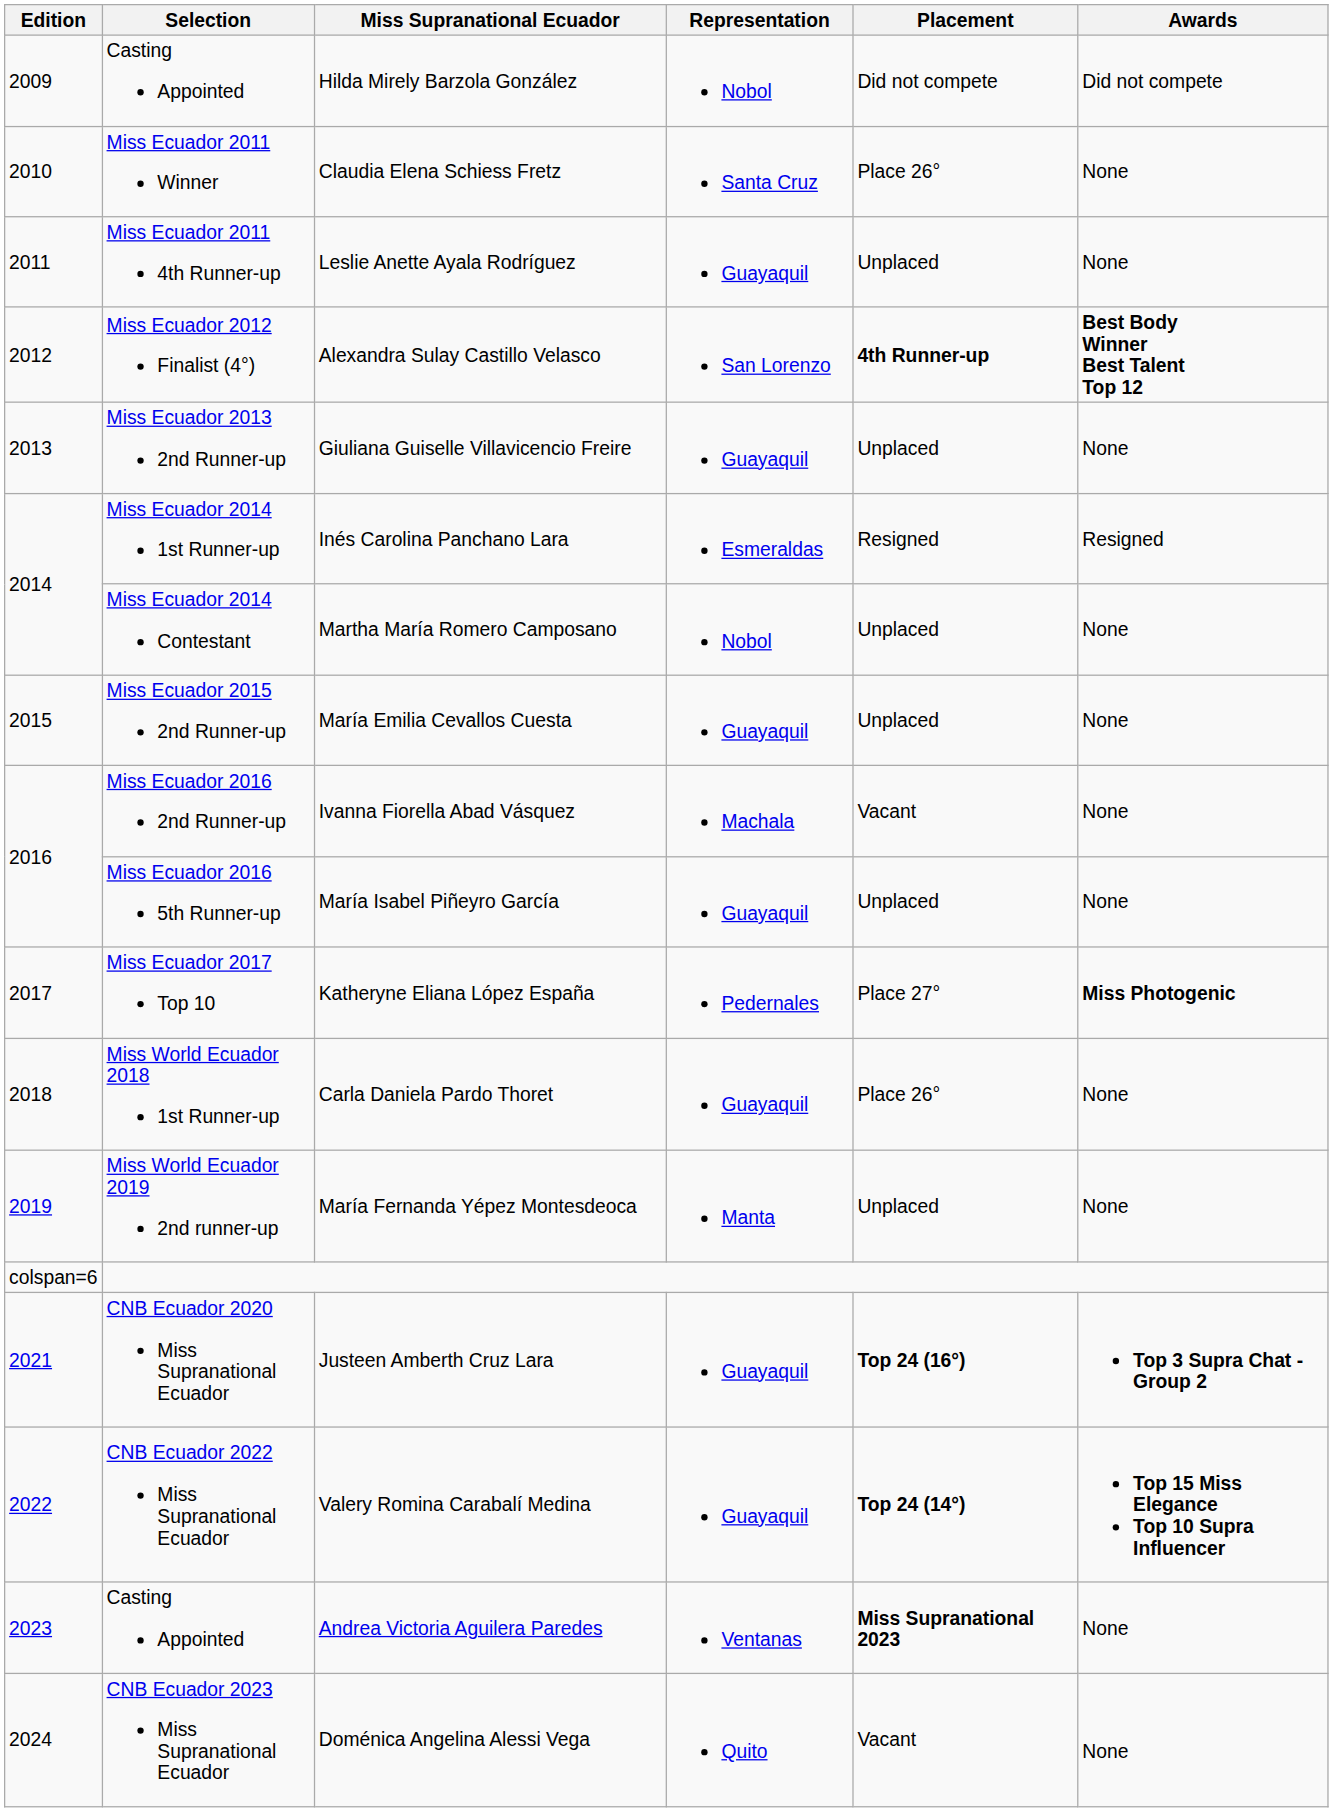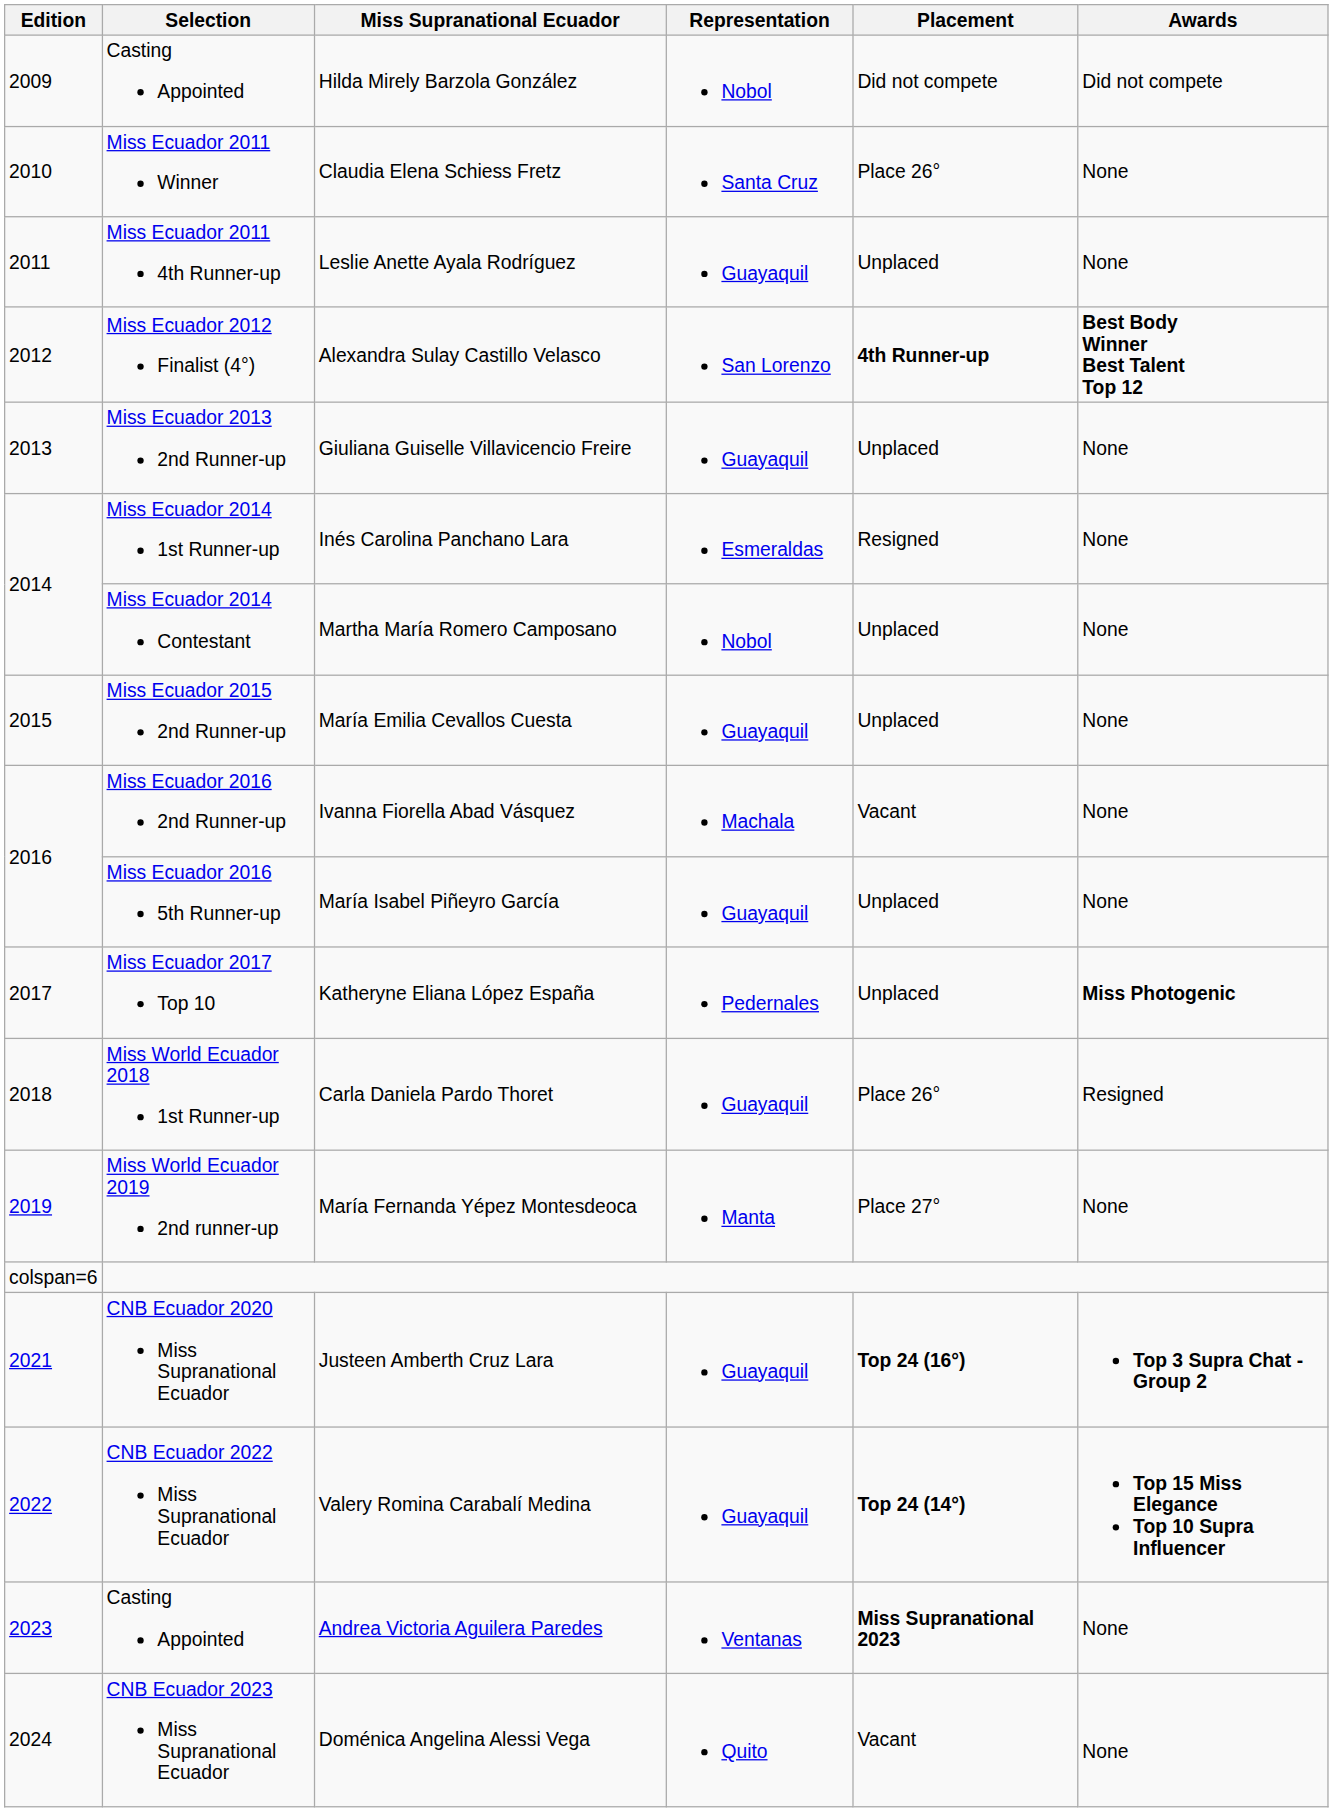 <table class="wikitable sortable" style="font-size: 95%">
 <tr>
 <th width="2">Edition</th>
 <th width="160">Selection</th>
 <th width="270">Miss Supranational Ecuador</th>
 <th width="140">Representation</th>
 <th width="170">Placement</th>
 <th width="190">Awards</th>
 </tr>
 <tr>
 <td>2009</td>
 <td>Casting<br><ul><li>Appointed</li></ul></td>
 <td>Hilda Mirely Barzola González</td>
 <td><br><ul><li><a href='#'>Nobol</a></li></ul></td>
 <td>Did not compete</td>
 <td>Did not compete</td>
 </tr>
 <tr>
 <td>2010</td>
 <td><a href='#'>Miss Ecuador 2011</a><br><ul><li>Winner</li></ul></td>
 <td>Claudia Elena Schiess Fretz</td>
 <td><br><ul><li><a href='#'>Santa Cruz</a></li></ul></td>
 <td>Place 26°</td>
 <td>None</td>
 </tr>
 <tr>
 <td>2011</td>
 <td><a href='#'>Miss Ecuador 2011</a><br><ul><li>4th Runner-up</li></ul></td>
 <td>Leslie Anette Ayala Rodríguez</td>
 <td><br><ul><li><a href='#'>Guayaquil</a></li></ul></td>
 <td>Unplaced</td>
 <td>None</td>
 </tr>
 <tr>
 <td>2012</td>
 <td><a href='#'>Miss Ecuador 2012</a><br><ul><li>Finalist (4°)</li></ul></td>
 <td>Alexandra Sulay Castillo Velasco</td>
 <td><br><ul><li><a href='#'>San Lorenzo</a></li></ul></td>
 <td><strong>4th Runner-up</strong></td>
 <td><strong>Best Body<br>Winner<br>Best Talent<br>Top 12</strong></td>
 </tr>
 <tr>
 <td>2013</td>
 <td><a href='#'>Miss Ecuador 2013</a><br><ul><li>2nd Runner-up</li></ul></td>
 <td>Giuliana Guiselle Villavicencio Freire</td>
 <td><br><ul><li><a href='#'>Guayaquil</a></li></ul></td>
 <td>Unplaced</td>
 <td>None</td>
 </tr>
 <tr>
 <td rowspan=2>2014</td>
 <td><a href='#'>Miss Ecuador 2014</a><br><ul><li>1st Runner-up</li></ul></td>
 <td>Inés Carolina Panchano Lara</td>
 <td><br><ul><li><a href='#'>Esmeraldas</a></li></ul></td>
 <td>Resigned</td>
-<td>Resigned</td>
+<td>None</td>
 </tr>
 <tr>
 <td><a href='#'>Miss Ecuador 2014</a><br><ul><li>Contestant</li></ul></td>
 <td>Martha María Romero Camposano</td>
 <td><br><ul><li><a href='#'>Nobol</a></li></ul></td>
 <td>Unplaced</td>
 <td>None</td>
 </tr>
 <tr>
 <td>2015</td>
 <td><a href='#'>Miss Ecuador 2015</a><br><ul><li>2nd Runner-up</li></ul></td>
 <td>María Emilia Cevallos Cuesta</td>
 <td><br><ul><li><a href='#'>Guayaquil</a></li></ul></td>
 <td>Unplaced</td>
 <td>None</td>
 </tr>
 <tr>
 <td rowspan=2>2016</td>
 <td><a href='#'>Miss Ecuador 2016</a><br><ul><li>2nd Runner-up</li></ul></td>
 <td>Ivanna Fiorella Abad Vásquez</td>
 <td><br><ul><li><a href='#'>Machala</a></li></ul></td>
 <td>Vacant</td>
 <td>None</td>
 </tr>
 <tr>
 <td><a href='#'>Miss Ecuador 2016</a><br><ul><li>5th Runner-up</li></ul></td>
 <td>María Isabel Piñeyro García</td>
 <td><br><ul><li><a href='#'>Guayaquil</a></li></ul></td>
 <td>Unplaced</td>
 <td>None</td>
 </tr>
 <tr>
 <td>2017</td>
 <td><a href='#'>Miss Ecuador 2017</a><br><ul><li>Top 10</li></ul></td>
 <td>Katheryne Eliana López España</td>
 <td><br><ul><li><a href='#'>Pedernales</a></li></ul></td>
-<td>Place 27°</td>
+<td>Unplaced</td>
 <td><strong>Miss Photogenic</strong></td>
 </tr>
 <tr>
 <td>2018</td>
 <td><a href='#'>Miss World Ecuador 2018</a><br><ul><li>1st Runner-up</li></ul></td>
 <td>Carla Daniela Pardo Thoret</td>
 <td><br><ul><li><a href='#'>Guayaquil</a></li></ul></td>
 <td>Place 26°</td>
-<td>None</td>
+<td>Resigned</td>
 </tr>
 <tr>
 <td><a href='#'>2019</a></td>
 <td><a href='#'>Miss World Ecuador 2019</a><br><ul><li>2nd runner-up</li></ul></td>
 <td>María Fernanda Yépez Montesdeoca</td>
 <td><br><ul><li><a href='#'>Manta</a></li></ul></td>
-<td>Unplaced</td>
+<td>Place 27°</td>
 <td>None</td>
 </tr>
 <tr>
 <td>colspan=6 </td>
 </tr>
 <tr>
 <td><a href='#'>2021</a></td>
 <td><a href='#'>CNB Ecuador 2020</a><br><ul><li>Miss Supranational Ecuador</li></ul></td>
 <td>Justeen Amberth Cruz Lara</td>
 <td><br><ul><li><a href='#'>Guayaquil</a></li></ul></td>
 <td><strong>Top 24 (16°)</strong></td>
 <td><br><ul><li><strong>Top 3 Supra Chat - Group 2</strong></li></ul></td>
 </tr>
 <tr>
 <td><a href='#'>2022</a></td>
 <td><a href='#'>CNB Ecuador 2022</a><br><ul><li>Miss Supranational Ecuador</li></ul></td>
 <td>Valery Romina Carabalí Medina</td>
 <td><br><ul><li><a href='#'>Guayaquil</a></li></ul></td>
 <td><strong>Top 24 (14°)</strong></td>
 <td><br><ul><li><strong>Top 15 Miss Elegance</strong></li><li><strong>Top 10 Supra Influencer</strong></li></ul></td>
 </tr>
 <tr>
 <td><a href='#'>2023</a></td>
 <td>Casting<br><ul><li>Appointed</li></ul></td>
 <td><a href='#'>Andrea Victoria Aguilera Paredes</a></td>
 <td><br><ul><li><a href='#'>Ventanas</a></li></ul></td>
 <td><strong>Miss Supranational 2023</strong></td>
 <td>None</td>
 </tr>
 <tr>
 <td>2024</td>
 <td><a href='#'>CNB Ecuador 2023</a><br><ul><li>Miss Supranational Ecuador</li></ul></td>
 <td>Doménica Angelina Alessi Vega</td>
 <td><br><ul><li><a href='#'>Quito</a></li></ul></td>
 <td>Vacant</td>
 <td><br>None</td>
 </tr>
 </table>
